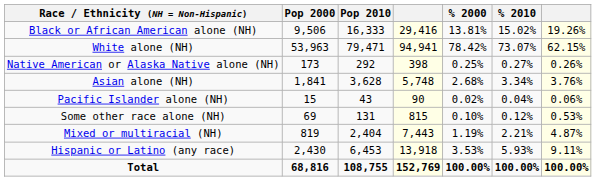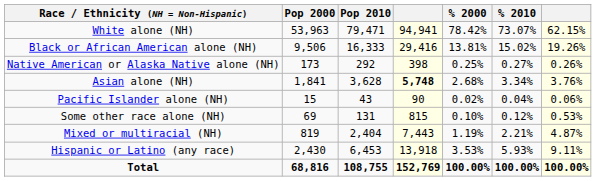 <table class="wikitable" style="text-align:center;">
 <tr>
 <th>Race / Ethnicity <small>(<em>NH = Non-Hispanic</em>)</small></th>
 <th>Pop 2000</th>
 <th>Pop 2010</th>
 <th></th>
 <th>% 2000</th>
 <th>% 2010</th>
 <th></th>
 </tr>
 <tr>
+<td><a href='#'>White</a> alone (NH)</td>
+<td>53,963</td>
+<td>79,471</td>
+<td style='background: #ffffe6;'>94,941</td>
+<td>78.42%</td>
+<td>73.07%</td>
+<td style='background: #ffffe6;'>62.15%</td>
+</tr>
+<tr>
 <td><a href='#'>Black or African American</a> alone (NH)</td>
 <td>9,506</td>
 <td>16,333</td>
 <td style='background: #ffffe6;'>29,416</td>
 <td>13.81%</td>
 <td>15.02%</td>
 <td style='background: #ffffe6;'>19.26%</td>
-</tr>
-<tr>
-<td><a href='#'>White</a> alone (NH)</td>
-<td>53,963</td>
-<td>79,471</td>
-<td style='background: #ffffe6;'>94,941</td>
-<td>78.42%</td>
-<td>73.07%</td>
-<td style='background: #ffffe6;'>62.15%</td>
 </tr>
 <tr>
 <td><a href='#'>Native American</a> or <a href='#'>Alaska Native</a> alone (NH)</td>
 <td>173</td>
 <td>292</td>
 <td style='background: #ffffe6;'>398</td>
 <td>0.25%</td>
 <td>0.27%</td>
 <td style='background: #ffffe6;'>0.26%</td>
 </tr>
 <tr>
 <td><a href='#'>Asian</a> alone (NH)</td>
 <td>1,841</td>
 <td>3,628</td>
-<td style='background: #ffffe6;'>5,748</td>
+<td style='background: #ffffe6;'><strong>5,748</strong></td>
 <td>2.68%</td>
 <td>3.34%</td>
 <td style='background: #ffffe6;'>3.76%</td>
 </tr>
 <tr>
 <td><a href='#'>Pacific Islander</a> alone (NH)</td>
 <td>15</td>
 <td>43</td>
 <td style='background: #ffffe6;'>90</td>
 <td>0.02%</td>
 <td>0.04%</td>
 <td style='background: #ffffe6;'>0.06%</td>
 </tr>
 <tr>
 <td>Some other race alone (NH)</td>
 <td>69</td>
 <td>131</td>
 <td style='background: #ffffe6;'>815</td>
 <td>0.10%</td>
 <td>0.12%</td>
 <td style='background: #ffffe6;'>0.53%</td>
 </tr>
 <tr>
 <td><a href='#'>Mixed or multiracial</a> (NH)</td>
 <td>819</td>
 <td>2,404</td>
 <td style='background: #ffffe6;'>7,443</td>
 <td>1.19%</td>
 <td>2.21%</td>
 <td style='background: #ffffe6;'>4.87%</td>
 </tr>
 <tr>
 <td><a href='#'>Hispanic or Latino</a> (any race)</td>
 <td>2,430</td>
 <td>6,453</td>
 <td style='background: #ffffe6;'>13,918</td>
 <td>3.53%</td>
 <td>5.93%</td>
 <td style='background: #ffffe6;'>9.11%</td>
 </tr>
 <tr>
 <td><strong>Total</strong></td>
 <td><strong>68,816</strong></td>
 <td><strong>108,755</strong></td>
 <td style='background: #ffffe6;'><strong>152,769</strong></td>
 <td><strong>100.00%</strong></td>
 <td><strong>100.00%</strong></td>
 <td style='background: #ffffe6;'><strong>100.00%</strong></td>
 </tr>
 </table>
